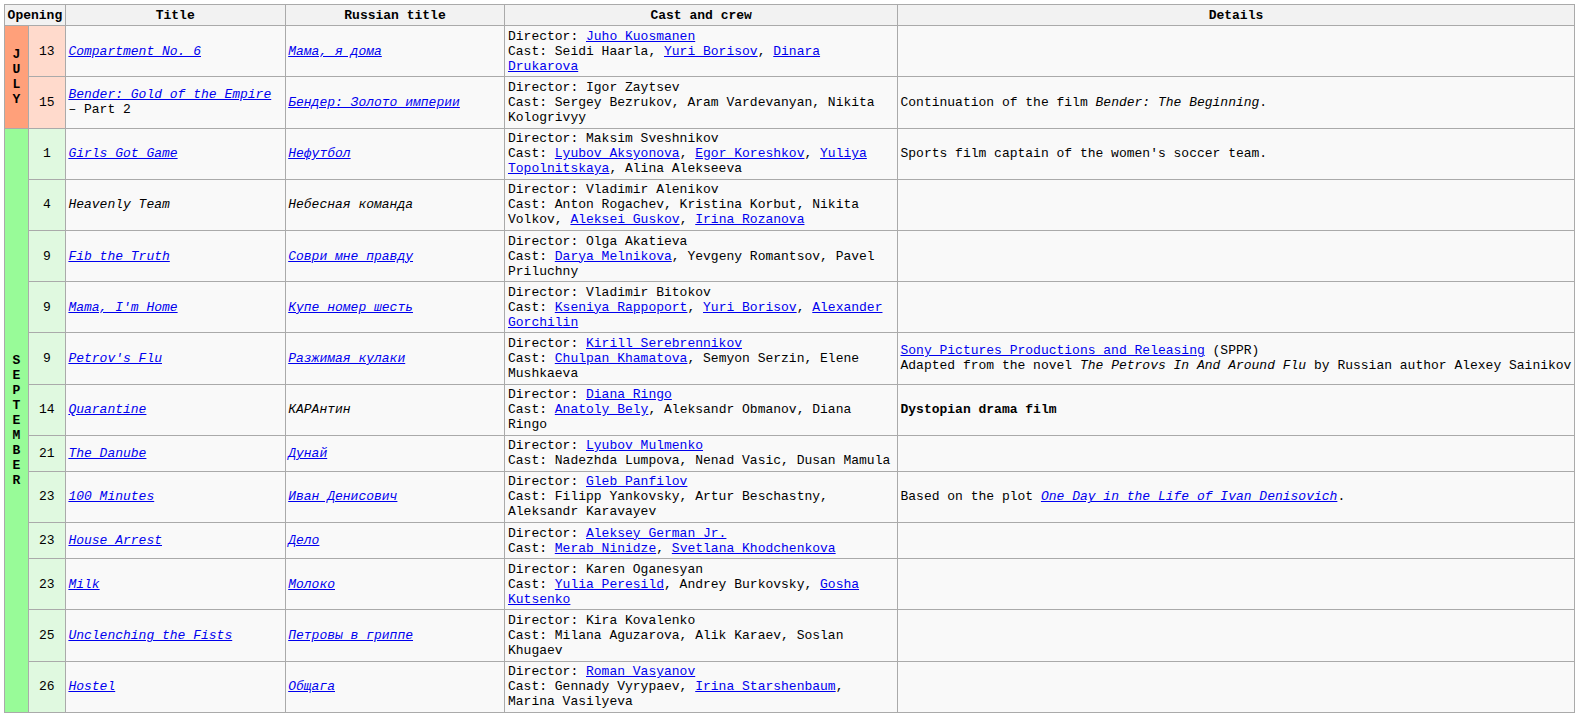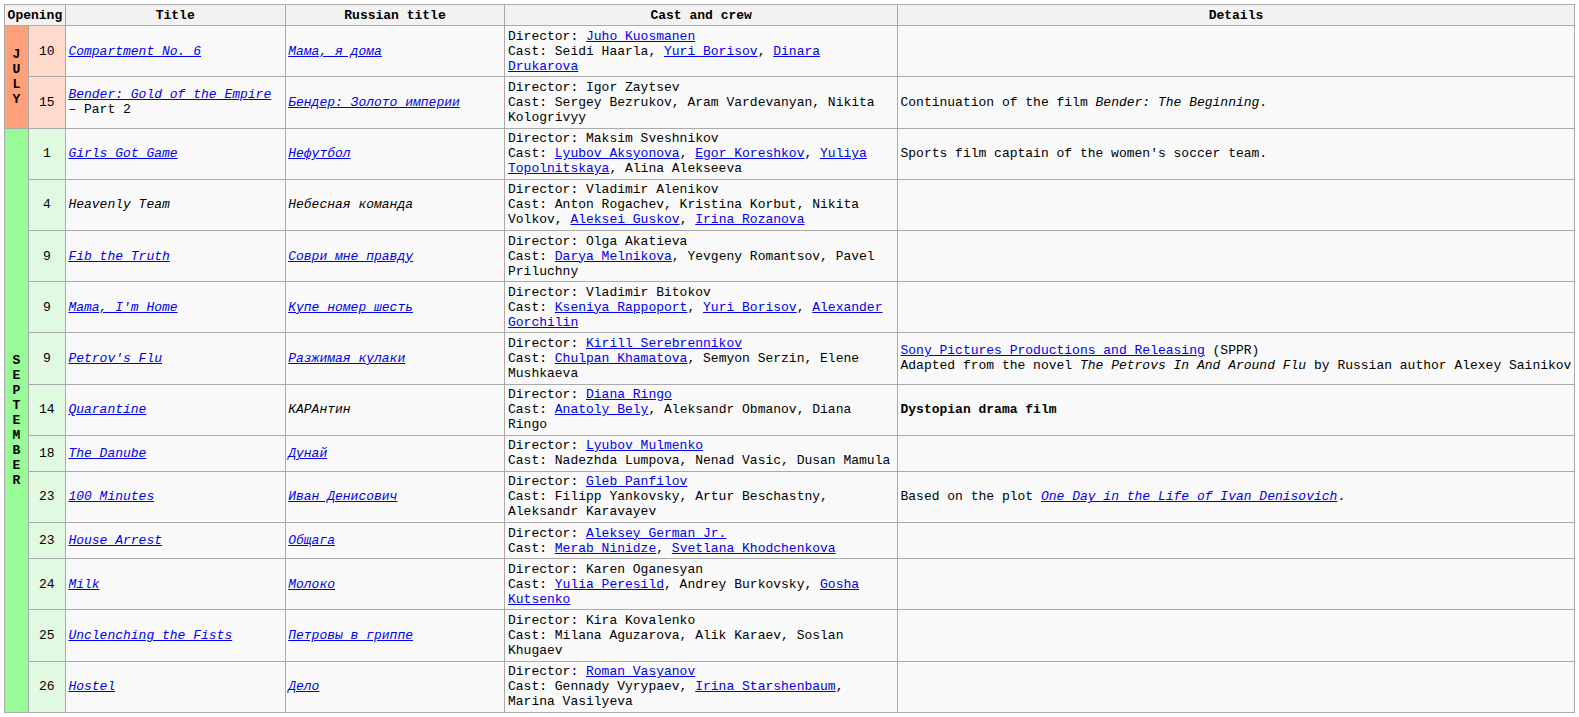 <table class="wikitable">
 <tr>
 <th colspan="2">Opening</th>
 <th style="width:14%;">Title</th>
 <th style="width:14%;">Russian title</th>
 <th style="width:25%;">Cast and crew</th>
 <th>Details</th>
 </tr>
 <tr>
 <th rowspan="2" align="center" style="background:#ffa07a; textcolor:#000;">J<br>U<br>L<br>Y</th>
-<td align="center" style="background:#ffdacc;">13</td>
+<td align="center" style="background:#ffdacc;">10</td>
 <td><em><a href='#'>Compartment No. 6</a></em></td>
 <td><em><a href='#'>Мама, я дома</a></em></td>
 <td>Director: <a href='#'>Juho Kuosmanen</a> <br> Cast: Seidi Haarla, <a href='#'>Yuri Borisov</a>, <a href='#'>Dinara Drukarova</a></td>
 <td></td>
 </tr>
 <tr>
 <td align="center" style="background:#ffdacc;">15</td>
 <td><em><a href='#'>Bender: Gold of the Empire</a></em> – Part 2</td>
 <td><em><a href='#'>Бендер: Золото империи</a></em></td>
 <td>Director: Igor Zaytsev <br> Cast: Sergey Bezrukov, Aram Vardevanyan, Nikita Kologrivyy</td>
 <td>Continuation of the film <em>Bender: The Beginning</em>.</td>
 </tr>
 <tr>
 <th rowspan="12" align="center" style="background:#98fb98; textcolor:#000;">S<br>E<br>P<br>T<br>E<br>M<br>B<br>E<br>R</th>
 <td align="center" style="background:#e0f9e0;">1</td>
 <td><em><a href='#'>Girls Got Game</a></em></td>
 <td><em><a href='#'>Нефутбол</a></em></td>
 <td>Director: Maksim Sveshnikov <br> Cast: <a href='#'>Lyubov Aksyonova</a>, <a href='#'>Egor Koreshkov</a>, <a href='#'>Yuliya Topolnitskaya</a>, Alina Alekseeva</td>
 <td>Sports film captain of the women's soccer team.</td>
 </tr>
 <tr>
 <td align="center" style="background:#e0f9e0;">4</td>
 <td><em>Heavenly Team</em></td>
 <td><em>Небесная команда</em></td>
 <td>Director: Vladimir Alenikov <br> Cast: Anton Rogachev, Kristina Korbut, Nikita Volkov, <a href='#'>Aleksei Guskov</a>, <a href='#'>Irina Rozanova</a></td>
 <td></td>
 </tr>
 <tr>
 <td align="center" style="background:#e0f9e0;">9</td>
 <td><em><a href='#'>Fib the Truth</a></em></td>
 <td><em><a href='#'>Соври мне правду</a></em></td>
 <td>Director: Olga Akatieva <br> Cast: <a href='#'>Darya Melnikova</a>, Yevgeny Romantsov, Pavel Priluchny</td>
 <td></td>
 </tr>
 <tr>
 <td align="center" style="background:#e0f9e0;">9</td>
 <td><em><a href='#'>Mama, I'm Home</a></em></td>
 <td><em><a href='#'>Купе номер шесть</a></em></td>
 <td>Director: Vladimir Bitokov <br> Cast: <a href='#'>Kseniya Rappoport</a>, <a href='#'>Yuri Borisov</a>, <a href='#'>Alexander Gorchilin</a></td>
 <td></td>
 </tr>
 <tr>
 <td align="center" style="background:#e0f9e0;">9</td>
 <td><em><a href='#'>Petrov's Flu</a></em></td>
 <td><em><a href='#'>Разжимая кулаки</a></em></td>
 <td>Director: <a href='#'>Kirill Serebrennikov</a> <br> Cast: <a href='#'>Chulpan Khamatova</a>, Semyon Serzin, Elene Mushkaeva</td>
 <td><a href='#'>Sony Pictures Productions and Releasing</a> (SPPR) <br> Adapted from the novel <em>The Petrovs In And Around Flu</em> by Russian author Alexey Sainikov</td>
 </tr>
 <tr>
 <td align="center" style="background:#e0f9e0;">14</td>
 <td><em><a href='#'>Quarantine</a></em></td>
 <td><em>КАРАнтин</em></td>
 <td>Director: <a href='#'>Diana Ringo</a> <br> Cast: <a href='#'>Anatoly Bely</a>, Aleksandr Obmanov, Diana Ringo</td>
 <td><strong>Dystopian drama film</strong></td>
 </tr>
 <tr>
-<td align="center" style="background:#e0f9e0;">21</td>
+<td align="center" style="background:#e0f9e0;">18</td>
 <td><em><a href='#'>The Danube</a></em></td>
 <td><em><a href='#'>Дунай</a></em></td>
 <td>Director: <a href='#'>Lyubov Mulmenko</a> <br> Cast: Nadezhda Lumpova, Nenad Vasic, Dusan Mamula</td>
 <td></td>
 </tr>
 <tr>
 <td align="center" style="background:#e0f9e0;">23</td>
 <td><em><a href='#'>100 Minutes</a></em></td>
 <td><em><a href='#'>Иван Денисович</a></em></td>
 <td>Director: <a href='#'>Gleb Panfilov</a> <br> Cast: Filipp Yankovsky, Artur Beschastny, Aleksandr Karavayev</td>
 <td>Based on the plot <em><a href='#'>One Day in the Life of Ivan Denisovich</a></em>.</td>
 </tr>
 <tr>
 <td align="center" style="background:#e0f9e0;">23</td>
 <td><em><a href='#'>House Arrest</a></em></td>
-<td><em><a href='#'>Дело</a></em></td>
+<td><em><a href='#'>Общага</a></em></td>
 <td>Director: <a href='#'>Aleksey German Jr.</a> <br> Cast: <a href='#'>Merab Ninidze</a>, <a href='#'>Svetlana Khodchenkova</a></td>
 <td></td>
 </tr>
 <tr>
-<td align="center" style="background:#e0f9e0;">23</td>
+<td align="center" style="background:#e0f9e0;">24</td>
 <td><em><a href='#'>Milk</a></em></td>
 <td><em><a href='#'>Молоко</a></em></td>
 <td>Director: Karen Oganesyan <br> Cast: <a href='#'>Yulia Peresild</a>, Andrey Burkovsky, <a href='#'>Gosha Kutsenko</a></td>
 <td></td>
 </tr>
 <tr>
 <td align="center" style="background:#e0f9e0;">25</td>
 <td><em><a href='#'>Unclenching the Fists</a></em></td>
 <td><em><a href='#'>Петровы в гриппе</a></em></td>
 <td>Director: Kira Kovalenko <br> Cast: Milana Aguzarova, Alik Karaev, Soslan Khugaev</td>
 <td></td>
 </tr>
 <tr>
 <td align="center" style="background:#e0f9e0;">26</td>
 <td><em><a href='#'>Hostel</a></em></td>
-<td><em><a href='#'>Общага</a></em></td>
+<td><em><a href='#'>Дело</a></em></td>
 <td>Director: <a href='#'>Roman Vasyanov</a> <br> Cast: Gennady Vyrypaev, <a href='#'>Irina Starshenbaum</a>, Marina Vasilyeva</td>
 <td></td>
 </tr>
 </table>
